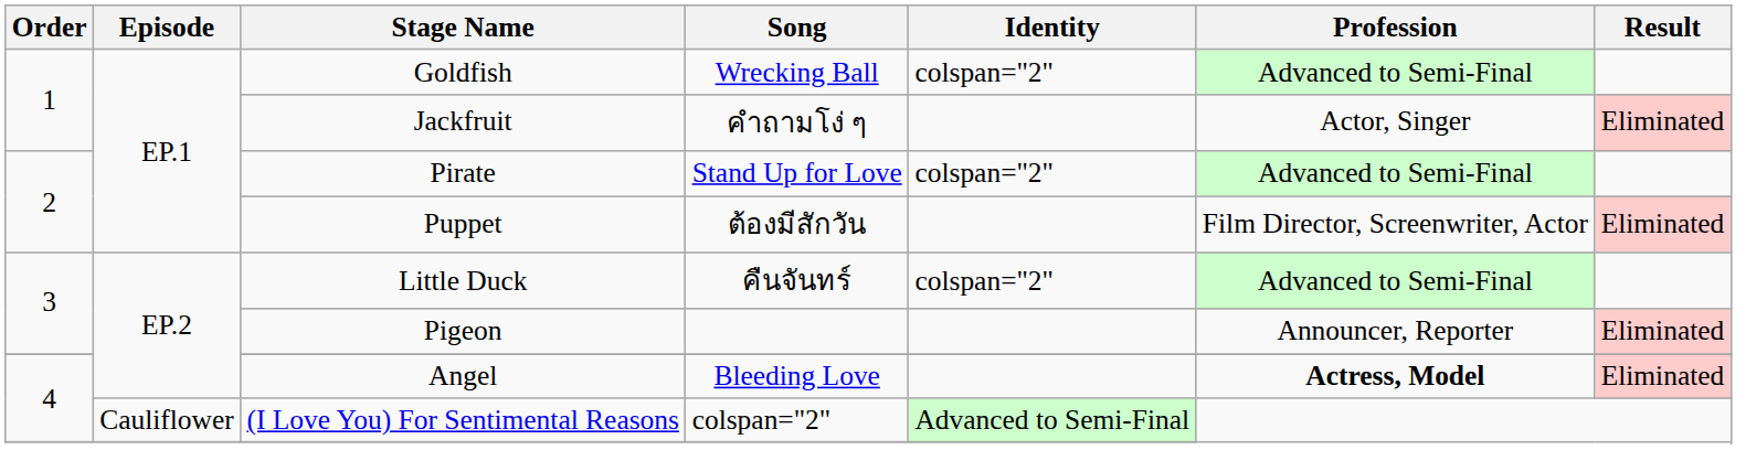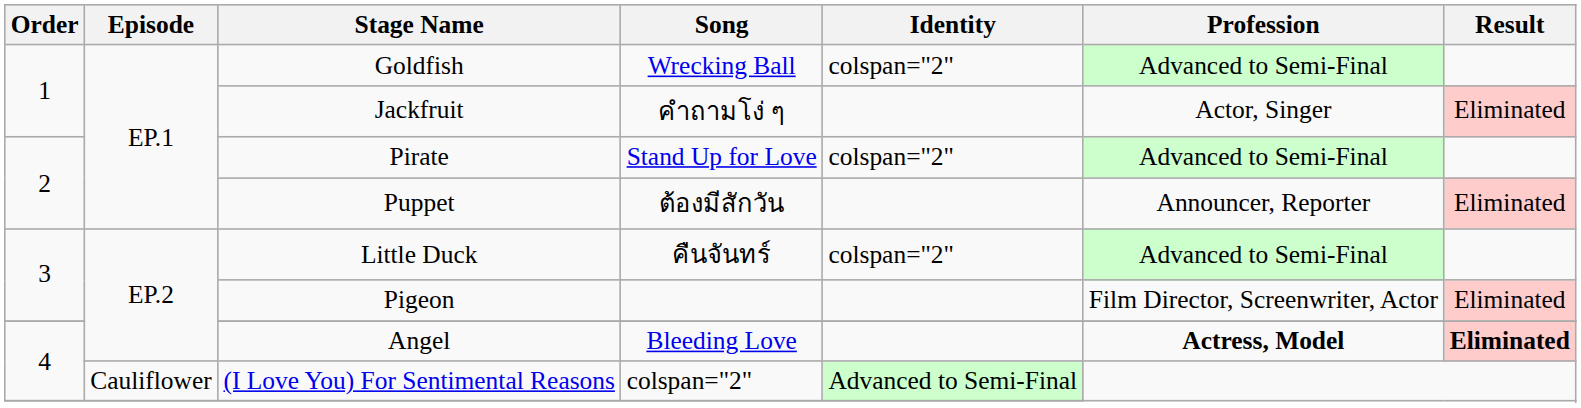 <table class="wikitable">
 <tr>
 <th>Order</th>
 <th>Episode</th>
 <th>Stage Name</th>
 <th>Song</th>
 <th>Identity</th>
 <th>Profession</th>
 <th>Result</th>
 </tr>
 <tr>
 <td rowspan="2" style="text-align:center;">1</td>
 <td rowspan="4" align="center">EP.1</td>
 <td style="text-align:center;">Goldfish</td>
 <td style="text-align:center;"><a href='#'>Wrecking Ball</a></td>
 <td>colspan="2"  </td>
 <td style="text-align:center; background:#ccffcc;">Advanced to Semi-Final</td>
 </tr>
 <tr>
 <td style="text-align:center;">Jackfruit</td>
 <td style="text-align:center;">คำถามโง่ ๆ</td>
 <td style="text-align:center;"></td>
 <td style="text-align:center;">Actor, Singer</td>
 <td style="text-align:center; background:#ffcccc;">Eliminated</td>
 </tr>
 <tr>
 <td rowspan="2" style="text-align:center;">2</td>
 <td style="text-align:center;">Pirate</td>
 <td style="text-align:center;"><a href='#'>Stand Up for Love</a></td>
 <td>colspan="2"  </td>
 <td style="text-align:center; background:#ccffcc;">Advanced to Semi-Final</td>
 </tr>
 <tr>
 <td style="text-align:center;">Puppet</td>
 <td style="text-align:center;">ต้องมีสักวัน</td>
 <td style="text-align:center;"></td>
-<td style="text-align:center;">Film Director, Screenwriter, Actor</td>
+<td style="text-align:center;">Announcer, Reporter</td>
 <td style="text-align:center; background:#ffcccc;">Eliminated</td>
 </tr>
 <tr>
 <td rowspan="2" style="text-align:center;">3</td>
 <td rowspan="4" align="center">EP.2</td>
 <td style="text-align:center;">Little Duck</td>
 <td style="text-align:center;">คืนจันทร์</td>
 <td>colspan="2"  </td>
 <td style="text-align:center; background:#ccffcc;">Advanced to Semi-Final</td>
 </tr>
 <tr>
 <td style="text-align:center;">Pigeon</td>
 <td style="text-align:center;"></td>
 <td style="text-align:center;"></td>
-<td style="text-align:center;">Announcer, Reporter</td>
+<td style="text-align:center;">Film Director, Screenwriter, Actor</td>
 <td style="text-align:center; background:#ffcccc;">Eliminated</td>
 </tr>
 <tr>
 </tr>
 <tr style="text-align:center;">
 <td rowspan="2">4</td>
 <td style="text-align:center;">Angel</td>
 <td style="text-align:center;"><a href='#'>Bleeding Love</a></td>
 <td style="text-align:center;"></td>
 <td style="text-align:center;"><strong>Actress, Model</strong></td>
-<td style="text-align:center; background:#ffcccc;">Eliminated</td>
+<td style="text-align:center; background:#ffcccc;"><strong>Eliminated</strong></td>
 </tr>
 <tr>
 <td style="text-align:center;">Cauliflower</td>
 <td style="text-align:center;"><a href='#'>(I Love You) For Sentimental Reasons</a></td>
 <td>colspan="2"  </td>
 <td style="text-align:center; background:#ccffcc;">Advanced to Semi-Final</td>
 </tr>
 <tr>
 </tr>
 </table>
